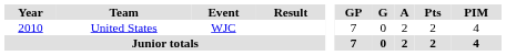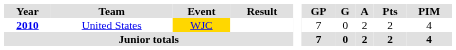 <table border="0" cellpadding="1" cellspacing="0" style="text-align:center; width:40em">
 <tr ALIGN="center" bgcolor="#e0e0e0">
 <th>Year</th>
 <th>Team</th>
 <th>Event</th>
 <th>Result</th>
 <th rowspan="99" bgcolor="#ffffff"> </th>
 <th>GP</th>
 <th>G</th>
 <th>A</th>
 <th>Pts</th>
 <th>PIM</th>
 </tr>
 <tr ALIGN="center">
-<td><a href='#'>2010</a></td>
+<td><strong><a href='#'>2010</a></strong></td>
 <td><a href='#'>United States</a></td>
-<td><a href='#'>WJC</a></td>
+<td style="background: gold;"><a href='#'>WJC</a></td>
 <td></td>
 <td>7</td>
 <td>0</td>
 <td>2</td>
 <td>2</td>
 <td>4</td>
 </tr>
 <tr bgcolor="#e0e0e0">
 <th colspan="4">Junior totals</th>
 <th>7</th>
 <th>0</th>
 <th>2</th>
 <th>2</th>
 <th>4</th>
 </tr>
 </table>
